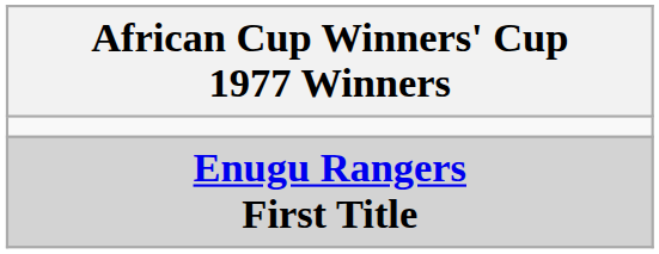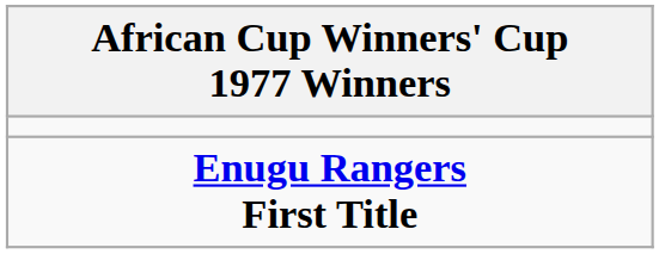 <table class="wikitable" style="text-align: center; margin: 0 auto; width: 20%">
 <tr>
 <th>African Cup Winners' Cup<br>1977 Winners</th>
 </tr>
 <tr>
 <td></td>
 </tr>
 <tr>
-<td style="background: lightgrey;"><strong><a href='#'>Enugu Rangers</a></strong><br><strong>First Title</strong></td>
+<td><strong><a href='#'>Enugu Rangers</a></strong><br><strong>First Title</strong></td>
 </tr>
 </table>
